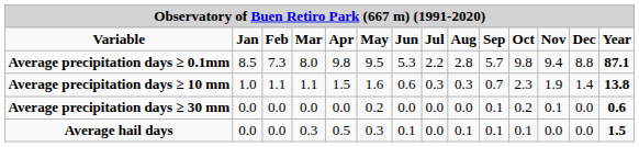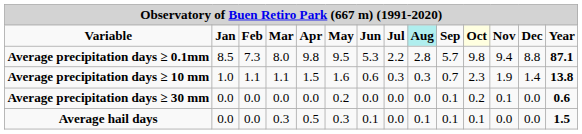 <table class="wikitable" style="text-align:center">
 <tr bgcolor="lightgrey">
 <td colspan="14"><strong>Observatory of <a href='#'>Buen Retiro Park</a> (667 m) (1991-2020)</strong></td>
 </tr>
 <tr>
 <td><strong>Variable</strong></td>
 <td><strong>Jan</strong></td>
 <td><strong>Feb</strong></td>
 <td><strong>Mar</strong></td>
 <td><strong>Apr</strong></td>
 <td><strong>May</strong></td>
 <td><strong>Jun</strong></td>
 <td><strong>Jul</strong></td>
-<td><strong>Aug</strong></td>
+<td style="background: paleturquoise;"><strong>Aug</strong></td>
 <td><strong>Sep</strong></td>
-<td><strong>Oct</strong></td>
+<td style="background: lightyellow;"><strong>Oct</strong></td>
 <td><strong>Nov</strong></td>
 <td><strong>Dec</strong></td>
 <td><strong>Year</strong></td>
 </tr>
 <tr>
 <td><strong>Average precipitation days ≥ 0.1mm</strong></td>
 <td>8.5</td>
 <td>7.3</td>
 <td>8.0</td>
 <td>9.8</td>
 <td>9.5</td>
 <td>5.3</td>
 <td>2.2</td>
 <td>2.8</td>
 <td>5.7</td>
 <td>9.8</td>
 <td>9.4</td>
 <td>8.8</td>
 <td><strong>87.1</strong></td>
 </tr>
 <tr>
 <td><strong>Average precipitation days ≥ 10 mm</strong></td>
 <td>1.0</td>
 <td>1.1</td>
 <td>1.1</td>
 <td>1.5</td>
 <td>1.6</td>
 <td>0.6</td>
 <td>0.3</td>
 <td>0.3</td>
 <td>0.7</td>
 <td>2.3</td>
 <td>1.9</td>
 <td>1.4</td>
 <td><strong>13.8</strong></td>
 </tr>
 <tr>
 <td><strong>Average precipitation days ≥ 30 mm</strong></td>
 <td>0.0</td>
 <td>0.0</td>
 <td>0.0</td>
 <td>0.0</td>
 <td>0.2</td>
 <td>0.0</td>
 <td>0.0</td>
 <td>0.0</td>
 <td>0.1</td>
 <td>0.2</td>
 <td>0.1</td>
 <td>0.0</td>
 <td><strong>0.6</strong></td>
 </tr>
 <tr>
 <td><strong>Average hail days</strong></td>
 <td>0.0</td>
 <td>0.0</td>
 <td>0.3</td>
 <td>0.5</td>
 <td>0.3</td>
 <td>0.1</td>
 <td>0.0</td>
 <td>0.1</td>
 <td>0.1</td>
 <td>0.1</td>
 <td>0.0</td>
 <td>0.0</td>
 <td><strong>1.5</strong></td>
 </tr>
 </table>
